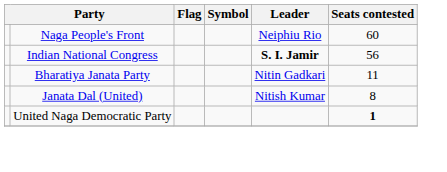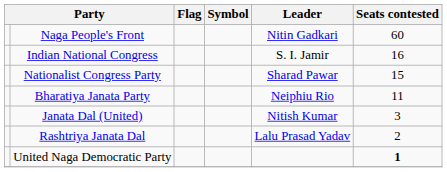 <table class="wikitable" style="text-align:center;">
 <tr>
 <th colspan="2">Party</th>
 <th>Flag</th>
 <th>Symbol</th>
 <th>Leader</th>
 <th>Seats contested</th>
 </tr>
 <tr>
 <td></td>
 <td><a href='#'>Naga People's Front</a></td>
 <td></td>
 <td></td>
-<td><a href='#'>Neiphiu Rio</a></td>
+<td><a href='#'>Nitin Gadkari</a></td>
 <td>60</td>
 </tr>
 <tr>
 <td></td>
 <td><a href='#'>Indian National Congress</a></td>
 <td></td>
 <td></td>
-<td><strong>S. I. Jamir</strong></td>
-<td>56</td>
+<td>S. I. Jamir</td>
+<td>16</td>
+</tr>
+<tr>
+<td></td>
+<td><a href='#'>Nationalist Congress Party</a></td>
+<td></td>
+<td></td>
+<td><a href='#'>Sharad Pawar</a></td>
+<td>15</td>
 </tr>
 <tr>
 <td></td>
 <td><a href='#'>Bharatiya Janata Party</a></td>
 <td></td>
 <td></td>
-<td><a href='#'>Nitin Gadkari</a></td>
+<td><a href='#'>Neiphiu Rio</a></td>
 <td>11</td>
 </tr>
 <tr>
 <td></td>
 <td><a href='#'>Janata Dal (United)</a></td>
 <td></td>
 <td></td>
 <td><a href='#'>Nitish Kumar</a></td>
-<td>8</td>
+<td>3</td>
+</tr>
+<tr>
+<td></td>
+<td><a href='#'>Rashtriya Janata Dal</a></td>
+<td></td>
+<td></td>
+<td><a href='#'>Lalu Prasad Yadav</a></td>
+<td>2</td>
 </tr>
 <tr>
 <td></td>
 <td>United Naga Democratic Party</td>
 <td></td>
 <td></td>
 <td></td>
 <td><strong>1</strong></td>
 </tr>
 <tr>
 </tr>
 </table>
